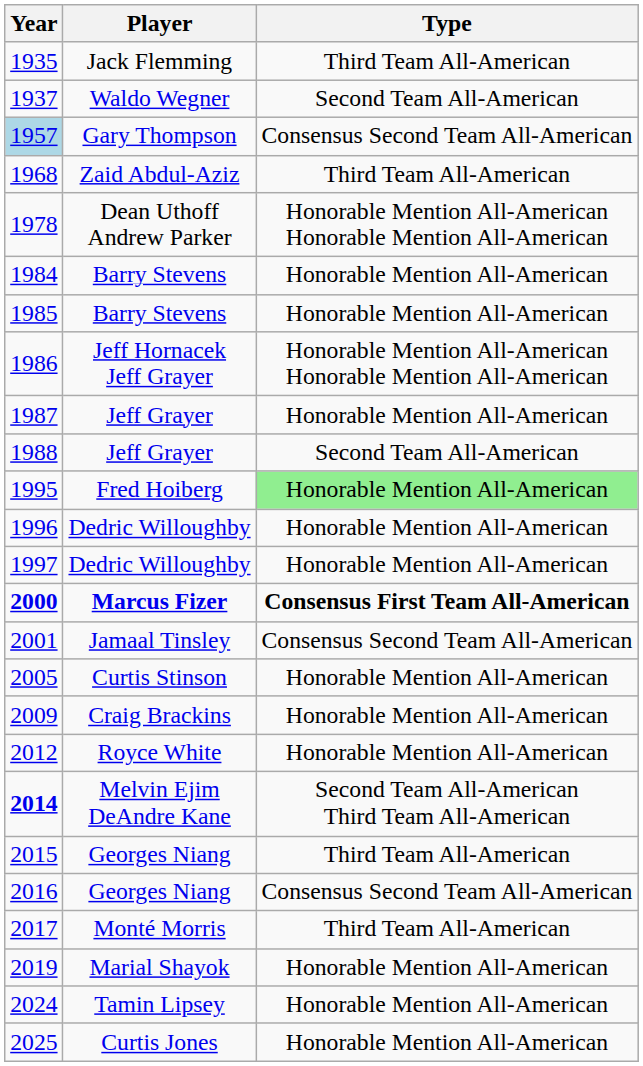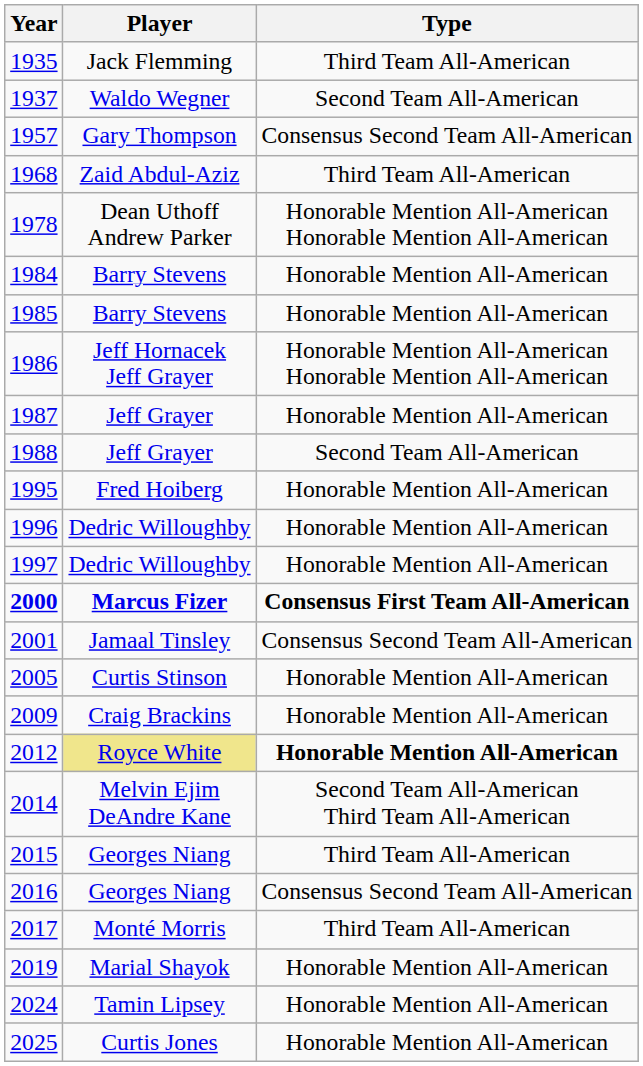 <table class="wikitable" style="text-align: center">
 <tr align=center>
 <th>Year</th>
 <th>Player</th>
 <th>Type</th>
 </tr>
 <tr>
 <td><a href='#'>1935</a></td>
 <td>Jack Flemming</td>
 <td>Third Team All-American</td>
 </tr>
 <tr>
 <td><a href='#'>1937</a></td>
 <td><a href='#'>Waldo Wegner</a></td>
 <td>Second Team All-American</td>
 </tr>
 <tr>
-<td style="background: lightblue;"><a href='#'>1957</a></td>
+<td><a href='#'>1957</a></td>
 <td><a href='#'>Gary Thompson</a></td>
 <td>Consensus Second Team All-American</td>
 </tr>
 <tr>
 <td><a href='#'>1968</a></td>
 <td><a href='#'>Zaid Abdul-Aziz</a></td>
 <td>Third Team All-American</td>
 </tr>
 <tr>
 <td><a href='#'>1978</a></td>
 <td>Dean Uthoff<br>Andrew Parker</td>
 <td>Honorable Mention All-American<br>Honorable Mention All-American</td>
 </tr>
 <tr>
 <td><a href='#'>1984</a></td>
 <td><a href='#'>Barry Stevens</a></td>
 <td>Honorable Mention All-American</td>
 </tr>
 <tr>
 <td><a href='#'>1985</a></td>
 <td><a href='#'>Barry Stevens</a></td>
 <td>Honorable Mention All-American</td>
 </tr>
 <tr>
 <td><a href='#'>1986</a></td>
 <td><a href='#'>Jeff Hornacek</a><br><a href='#'>Jeff Grayer</a></td>
 <td>Honorable Mention All-American<br>Honorable Mention All-American</td>
 </tr>
 <tr>
 <td><a href='#'>1987</a></td>
 <td><a href='#'>Jeff Grayer</a></td>
 <td>Honorable Mention All-American</td>
 </tr>
 <tr>
 <td><a href='#'>1988</a></td>
 <td><a href='#'>Jeff Grayer</a></td>
 <td>Second Team All-American</td>
 </tr>
 <tr>
 <td><a href='#'>1995</a></td>
 <td><a href='#'>Fred Hoiberg</a></td>
-<td style="background: lightgreen;">Honorable Mention All-American</td>
+<td>Honorable Mention All-American</td>
 </tr>
 <tr>
 <td><a href='#'>1996</a></td>
 <td><a href='#'>Dedric Willoughby</a></td>
 <td>Honorable Mention All-American</td>
 </tr>
 <tr>
 <td><a href='#'>1997</a></td>
 <td><a href='#'>Dedric Willoughby</a></td>
 <td>Honorable Mention All-American</td>
 </tr>
 <tr>
 <td><a href='#'><strong>2000</strong></a></td>
 <td><strong><a href='#'>Marcus Fizer</a></strong></td>
 <td><strong>Consensus First Team All-American</strong></td>
 </tr>
 <tr>
 <td><a href='#'>2001</a></td>
 <td><a href='#'>Jamaal Tinsley</a></td>
 <td>Consensus Second Team All-American</td>
 </tr>
 <tr>
 <td><a href='#'>2005</a></td>
 <td><a href='#'>Curtis Stinson</a></td>
 <td>Honorable Mention All-American</td>
 </tr>
 <tr>
 <td><a href='#'>2009</a></td>
 <td><a href='#'>Craig Brackins</a></td>
 <td>Honorable Mention All-American</td>
 </tr>
 <tr>
 <td><a href='#'>2012</a></td>
-<td><a href='#'>Royce White</a></td>
-<td>Honorable Mention All-American</td>
+<td style="background: khaki;"><a href='#'>Royce White</a></td>
+<td><strong>Honorable Mention All-American</strong></td>
 </tr>
 <tr>
-<td><strong><a href='#'>2014</a></strong></td>
+<td><a href='#'>2014</a></td>
 <td><a href='#'>Melvin Ejim</a><br><a href='#'>DeAndre Kane</a></td>
 <td>Second Team All-American<br>Third Team All-American</td>
 </tr>
 <tr>
 <td><a href='#'>2015</a></td>
 <td><a href='#'>Georges Niang</a></td>
 <td>Third Team All-American</td>
 </tr>
 <tr>
 <td><a href='#'>2016</a></td>
 <td><a href='#'>Georges Niang</a></td>
 <td>Consensus Second Team All-American</td>
 </tr>
 <tr>
 <td><a href='#'>2017</a></td>
 <td><a href='#'>Monté Morris</a></td>
 <td>Third Team All-American</td>
 </tr>
 <tr>
 <td><a href='#'>2019</a></td>
 <td><a href='#'>Marial Shayok</a></td>
 <td>Honorable Mention All-American</td>
 </tr>
 <tr>
 <td><a href='#'>2024</a></td>
 <td><a href='#'>Tamin Lipsey</a></td>
 <td>Honorable Mention All-American</td>
 </tr>
 <tr>
 <td><a href='#'>2025</a></td>
 <td><a href='#'>Curtis Jones</a></td>
 <td>Honorable Mention All-American</td>
 </tr>
 <tr>
 </tr>
 </table>
